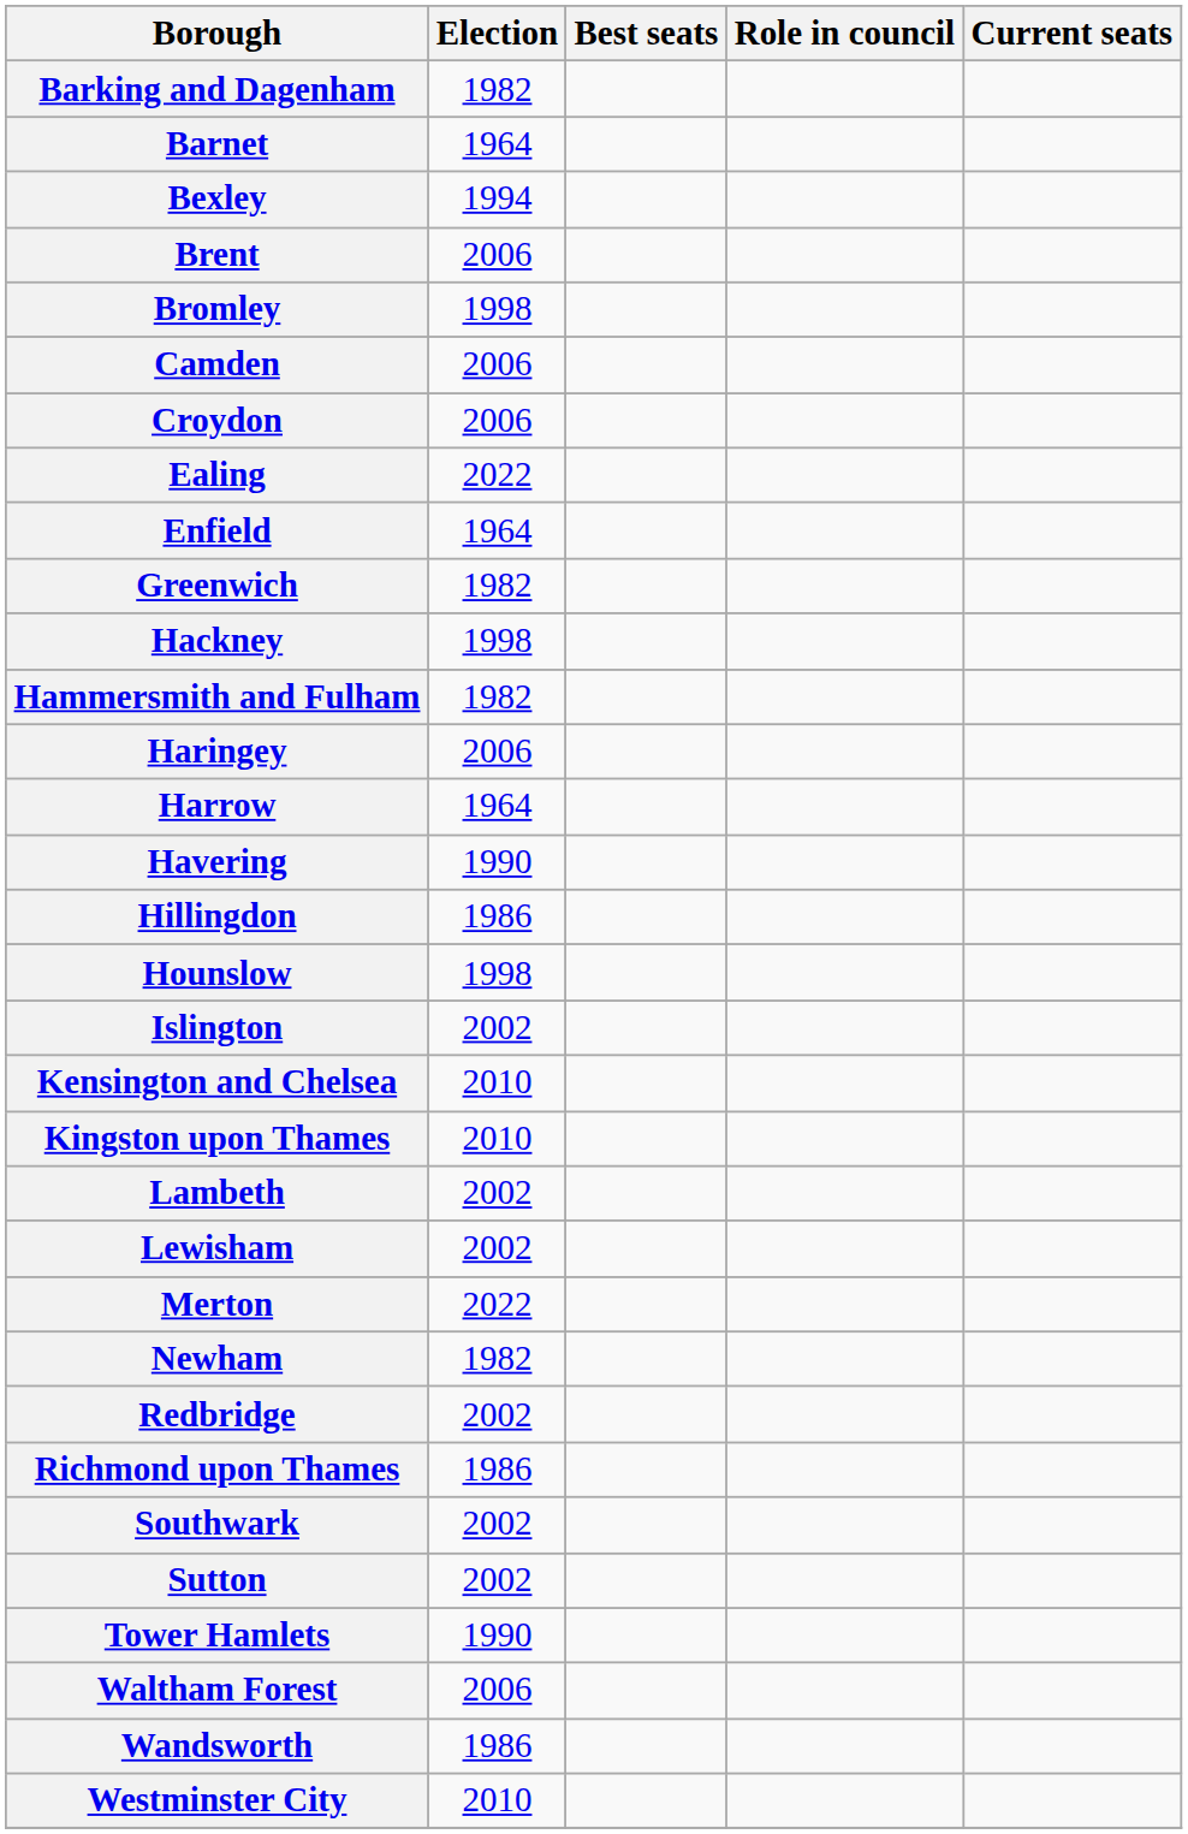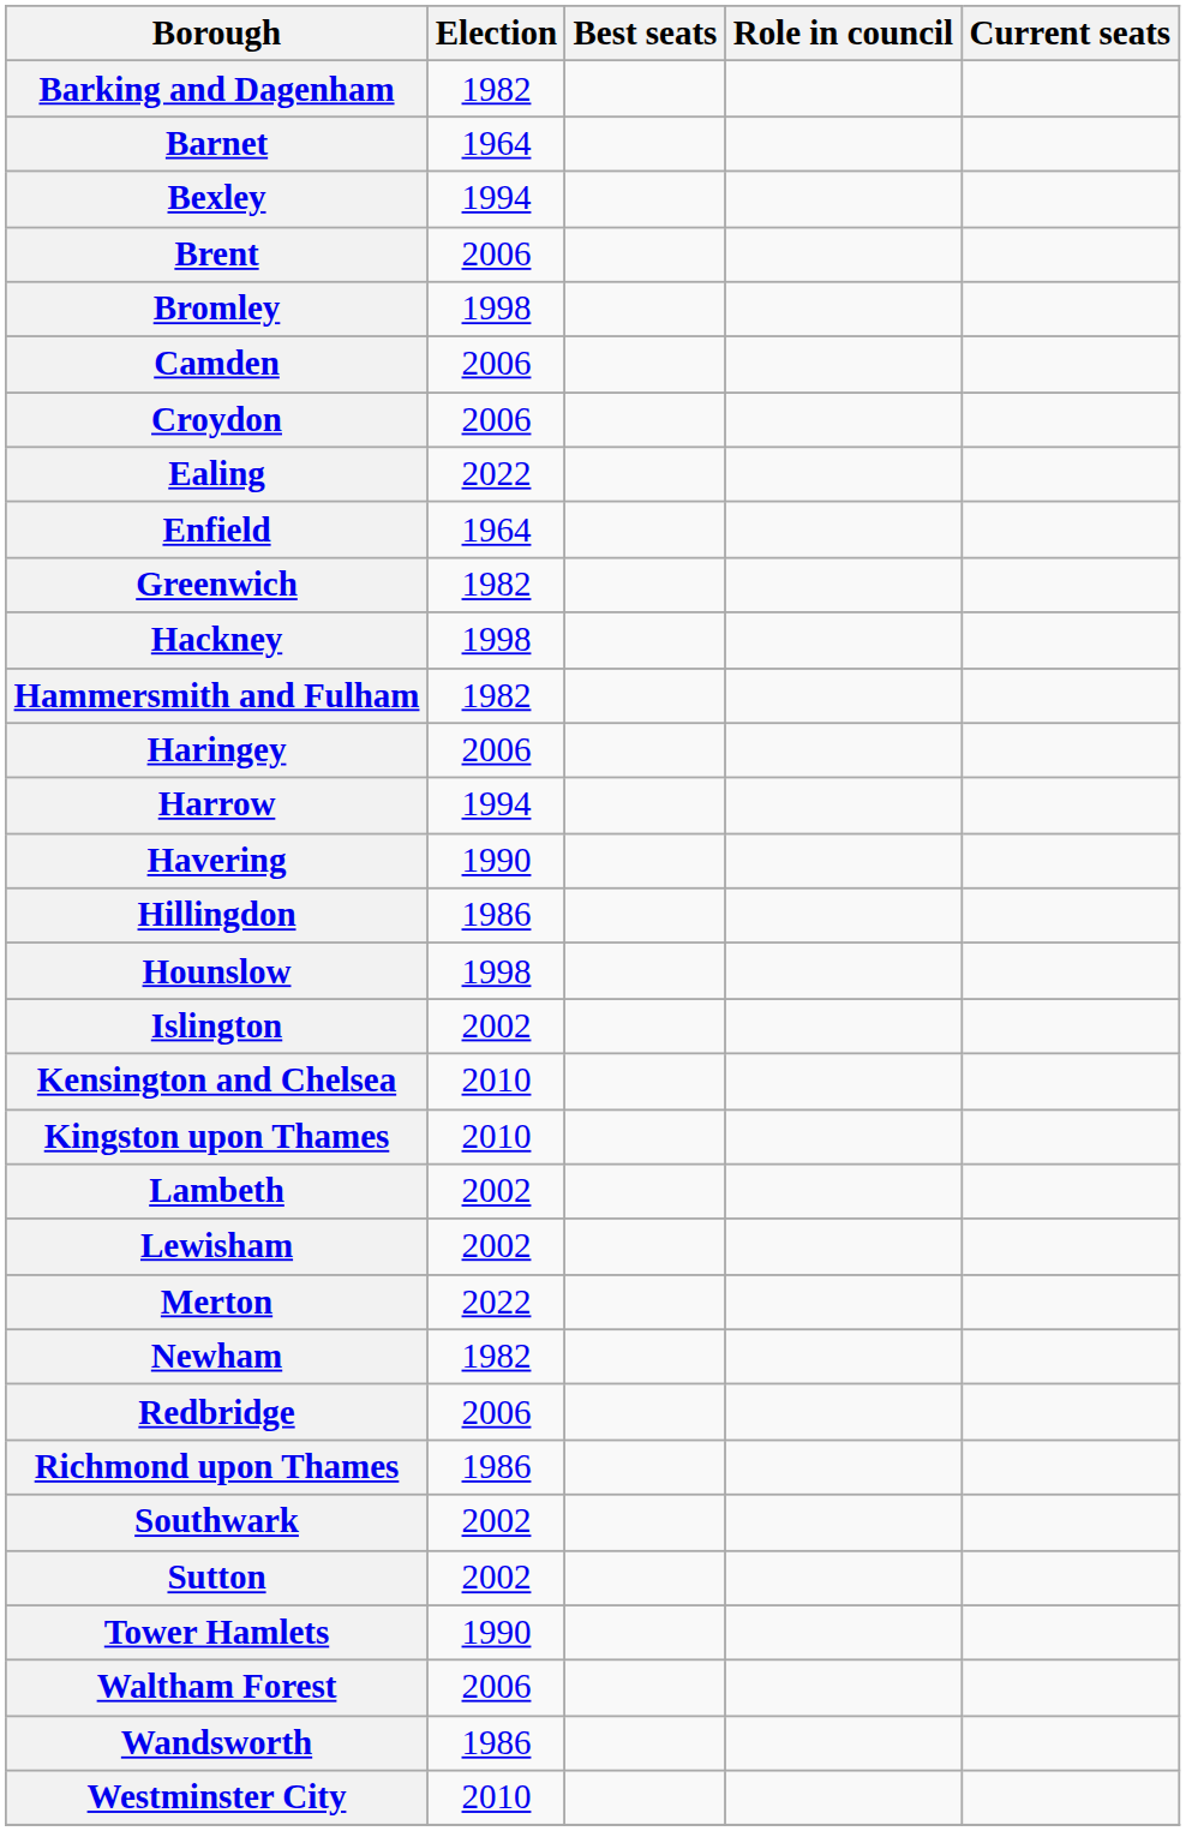 <table class="sortable wikitable">
 <tr>
 <th>Borough</th>
 <th>Election</th>
 <th>Best seats</th>
 <th>Role in council</th>
 <th>Current seats</th>
 </tr>
 <tr>
 <th><a href='#'>Barking and Dagenham</a></th>
 <td style="text-align: center;"><a href='#'>1982</a></td>
 <td></td>
 <td></td>
 <td></td>
 </tr>
 <tr>
 <th><a href='#'>Barnet</a></th>
 <td style="text-align: center;"><a href='#'>1964</a></td>
 <td></td>
 <td></td>
 <td></td>
 </tr>
 <tr>
 <th><a href='#'>Bexley</a></th>
 <td style="text-align: center;"><a href='#'>1994</a></td>
 <td></td>
 <td></td>
 <td></td>
 </tr>
 <tr>
 <th><a href='#'>Brent</a></th>
 <td style="text-align: center;"><a href='#'>2006</a></td>
 <td></td>
 <td></td>
 <td></td>
 </tr>
 <tr>
 <th><a href='#'>Bromley</a></th>
 <td style="text-align: center;"><a href='#'>1998</a></td>
 <td></td>
 <td></td>
 <td></td>
 </tr>
 <tr>
 <th><a href='#'>Camden</a></th>
 <td style="text-align: center;"><a href='#'>2006</a></td>
 <td></td>
 <td></td>
 <td></td>
 </tr>
 <tr>
 <th><a href='#'>Croydon</a></th>
 <td style="text-align: center;"><a href='#'>2006</a></td>
 <td></td>
 <td></td>
 <td></td>
 </tr>
 <tr>
 <th><a href='#'>Ealing</a></th>
 <td style="text-align: center;"><a href='#'>2022</a></td>
 <td></td>
 <td></td>
 <td></td>
 </tr>
 <tr>
 <th><a href='#'>Enfield</a></th>
 <td style="text-align: center;"><a href='#'>1964</a></td>
 <td></td>
 <td></td>
 <td></td>
 </tr>
 <tr>
 <th><a href='#'>Greenwich</a></th>
 <td style="text-align: center;"><a href='#'>1982</a></td>
 <td></td>
 <td></td>
 <td></td>
 </tr>
 <tr>
 <th><a href='#'>Hackney</a></th>
 <td style="text-align: center;"><a href='#'>1998</a></td>
 <td></td>
 <td></td>
 <td></td>
 </tr>
 <tr>
 <th><a href='#'>Hammersmith and Fulham</a></th>
 <td style="text-align: center;"><a href='#'>1982</a></td>
 <td></td>
 <td></td>
 <td></td>
 </tr>
 <tr>
 <th><a href='#'>Haringey</a></th>
 <td style="text-align: center;"><a href='#'>2006</a></td>
 <td></td>
 <td></td>
 <td></td>
 </tr>
 <tr>
 <th><a href='#'>Harrow</a></th>
-<td style="text-align: center;"><a href='#'>1964</a></td>
+<td style="text-align: center;"><a href='#'>1994</a></td>
 <td></td>
 <td></td>
 <td></td>
 </tr>
 <tr>
 <th><a href='#'>Havering</a></th>
 <td style="text-align: center;"><a href='#'>1990</a></td>
 <td></td>
 <td></td>
 <td></td>
 </tr>
 <tr>
 <th><a href='#'>Hillingdon</a></th>
 <td style="text-align: center;"><a href='#'>1986</a></td>
 <td></td>
 <td></td>
 <td></td>
 </tr>
 <tr>
 <th><a href='#'>Hounslow</a></th>
 <td style="text-align: center;"><a href='#'>1998</a></td>
 <td></td>
 <td></td>
 <td></td>
 </tr>
 <tr>
 <th><a href='#'>Islington</a></th>
 <td style="text-align: center;"><a href='#'>2002</a></td>
 <td></td>
 <td></td>
 <td></td>
 </tr>
 <tr>
 <th><a href='#'>Kensington and Chelsea</a></th>
 <td style="text-align: center;"><a href='#'>2010</a></td>
 <td></td>
 <td></td>
 <td></td>
 </tr>
 <tr>
 <th><a href='#'>Kingston upon Thames</a></th>
 <td style="text-align: center;"><a href='#'>2010</a></td>
 <td></td>
 <td></td>
 <td></td>
 </tr>
 <tr>
 <th><a href='#'>Lambeth</a></th>
 <td style="text-align: center;"><a href='#'>2002</a></td>
 <td></td>
 <td></td>
 <td></td>
 </tr>
 <tr>
 <th><a href='#'>Lewisham</a></th>
 <td style="text-align: center;"><a href='#'>2002</a></td>
 <td></td>
 <td></td>
 <td></td>
 </tr>
 <tr>
 <th><a href='#'>Merton</a></th>
 <td style="text-align: center;"><a href='#'>2022</a></td>
 <td></td>
 <td></td>
 <td></td>
 </tr>
 <tr>
 <th><a href='#'>Newham</a></th>
 <td style="text-align: center;"><a href='#'>1982</a></td>
 <td></td>
 <td></td>
 <td></td>
 </tr>
 <tr>
 <th><a href='#'>Redbridge</a></th>
-<td style="text-align: center;"><a href='#'>2002</a></td>
+<td style="text-align: center;"><a href='#'>2006</a></td>
 <td></td>
 <td></td>
 <td></td>
 </tr>
 <tr>
 <th><a href='#'>Richmond upon Thames</a></th>
 <td style="text-align: center;"><a href='#'>1986</a></td>
 <td></td>
 <td></td>
 <td></td>
 </tr>
 <tr>
 <th><a href='#'>Southwark</a></th>
 <td style="text-align: center;"><a href='#'>2002</a></td>
 <td></td>
 <td></td>
 <td></td>
 </tr>
 <tr>
 <th><a href='#'>Sutton</a></th>
 <td style="text-align: center;"><a href='#'>2002</a></td>
 <td></td>
 <td></td>
 <td></td>
 </tr>
 <tr>
 <th><a href='#'>Tower Hamlets</a></th>
 <td style="text-align: center;"><a href='#'>1990</a></td>
 <td></td>
 <td></td>
 <td></td>
 </tr>
 <tr>
 <th><a href='#'>Waltham Forest</a></th>
 <td style="text-align: center;"><a href='#'>2006</a></td>
 <td></td>
 <td></td>
 <td></td>
 </tr>
 <tr>
 <th><a href='#'>Wandsworth</a></th>
 <td style="text-align: center;"><a href='#'>1986</a></td>
 <td></td>
 <td></td>
 <td></td>
 </tr>
 <tr>
 <th><a href='#'>Westminster City</a></th>
 <td style="text-align: center;"><a href='#'>2010</a></td>
 <td></td>
 <td></td>
 <td></td>
 </tr>
 <tr>
 </tr>
 </table>
